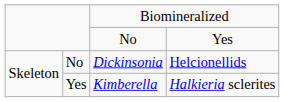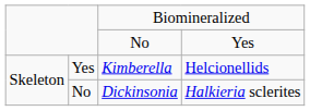 <table class="wikitable" style="float:right; margin-left:2px;">
 <tr valign="top">
 <td rowspan="2" colspan="2"> </td>
 <td colspan="2" style="text-align:center;">Biomineralized</td>
 </tr>
 <tr style="vertical-align:top; text-align:center;">
 <td>No</td>
 <td style="text-align:center;">Yes</td>
 </tr>
 <tr valign="top">
 <td style="vertical-align:middle;" rowspan="2">Skeleton</td>
-<td>No</td>
-<td><em><a href='#'>Dickinsonia</a></em></td>
+<td>Yes</td>
+<td><em><a href='#'>Kimberella</a></em></td>
 <td><a href='#'>Helcionellids</a></td>
 </tr>
 <tr valign="top">
-<td>Yes</td>
-<td><em><a href='#'>Kimberella</a></em></td>
+<td>No</td>
+<td><em><a href='#'>Dickinsonia</a></em></td>
 <td><em><a href='#'>Halkieria</a></em> sclerites</td>
 </tr>
 </table>
